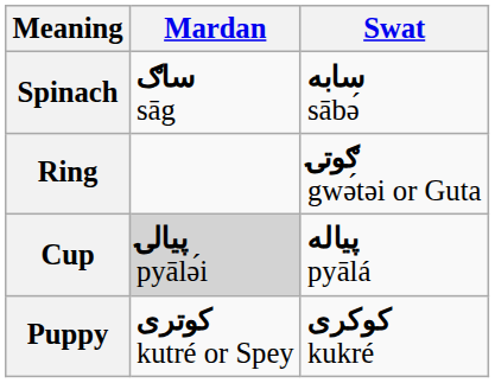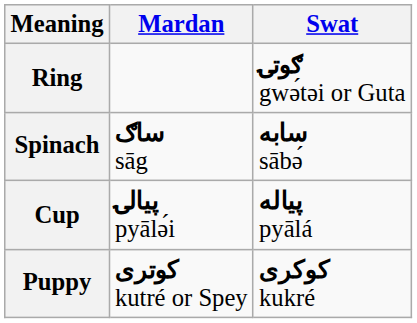 <table class="wikitable">
 <tr>
 <th>Meaning</th>
 <th><a href='#'>Mardan</a></th>
 <th><a href='#'>Swat</a></th>
 </tr>
 <tr>
+<th>Ring</th>
+<td><strong></strong><br></td>
+<td><strong>ګوتۍ</strong><br>gwə́təi or Guta</td>
+</tr>
+<tr>
 <th>Spinach</th>
 <td><strong>ساګ</strong><br>sāg</td>
 <td><strong>سابه</strong><br>sābə́</td>
 </tr>
 <tr>
-<th>Ring</th>
-<td><strong></strong><br></td>
-<td><strong>ګوتۍ</strong><br>gwə́təi or Guta</td>
-</tr>
-<tr>
 <th>Cup</th>
-<td style="background: lightgrey;"><strong>پيالۍ</strong><br>pyālə́i</td>
+<td><strong>پيالۍ</strong><br>pyālə́i</td>
 <td><strong>پياله</strong><br>pyālá</td>
 </tr>
 <tr>
 <th>Puppy</th>
 <td><strong>کوتری</strong><br>kutré or Spey</td>
 <td><strong>کوکری</strong><br>kukré</td>
 </tr>
 </table>
